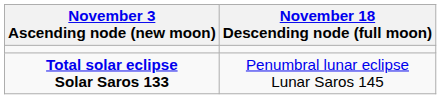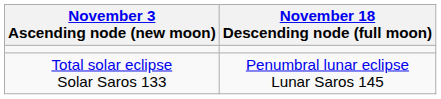 <table class="wikitable">
 <tr>
 <th><a href='#'>November 3</a><br>Ascending node (new moon)<br></th>
 <th><a href='#'>November 18</a><br>Descending node (full moon)<br></th>
 </tr>
 <tr>
 <td></td>
 <td></td>
 </tr>
 <tr align=center>
-<td><strong><a href='#'>Total solar eclipse</a><br>Solar Saros 133</strong></td>
+<td><a href='#'>Total solar eclipse</a><br>Solar Saros 133</td>
 <td><a href='#'>Penumbral lunar eclipse</a><br>Lunar Saros 145</td>
 </tr>
 </table>
